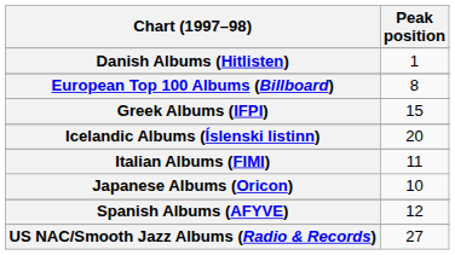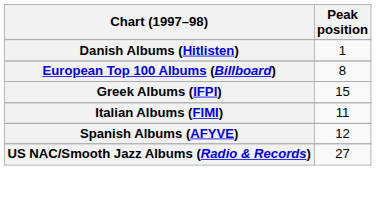 <table class="wikitable sortable plainrowheaders">
 <tr>
 <th>Chart (1997–98)</th>
 <th>Peak<br>position</th>
 </tr>
 <tr>
 </tr>
 <tr>
 </tr>
 <tr>
 </tr>
 <tr>
 </tr>
 <tr>
 </tr>
 <tr>
 <th scope="row">Danish Albums (<a href='#'>Hitlisten</a>)</th>
 <td align="center">1</td>
 </tr>
 <tr>
 </tr>
 <tr>
 <th scope="row"><a href='#'>European Top 100 Albums</a> (<em><a href='#'>Billboard</a></em>)</th>
 <td style="text-align:center;">8</td>
 </tr>
 <tr>
 </tr>
 <tr>
 </tr>
 <tr>
 </tr>
 <tr>
 <th scope="row">Greek Albums (<a href='#'>IFPI</a>)</th>
 <td style="text-align:center;">15</td>
 </tr>
 <tr>
 </tr>
 <tr>
-<th scope="row">Icelandic Albums (<a href='#'>Íslenski listinn</a>)</th>
-<td style="text-align:center;">20</td>
-</tr>
-<tr>
 </tr>
 <tr>
 <th scope="row">Italian Albums (<a href='#'>FIMI</a>)</th>
 <td align="center">11</td>
-</tr>
-<tr>
-<th scope="row">Japanese Albums (<a href='#'>Oricon</a>)</th>
-<td align="center">10</td>
 </tr>
 <tr>
 </tr>
 <tr>
 </tr>
 <tr>
 </tr>
 <tr>
 <th scope="row">Spanish Albums (<a href='#'>AFYVE</a>)</th>
 <td align="center">12</td>
 </tr>
 <tr>
 </tr>
 <tr>
 </tr>
 <tr>
 </tr>
 <tr>
 </tr>
 <tr>
 </tr>
 <tr>
 </tr>
 <tr>
 <th scope="row">US NAC/Smooth Jazz Albums (<em><a href='#'>Radio & Records</a></em>)</th>
 <td align="center">27</td>
 </tr>
 </table>
